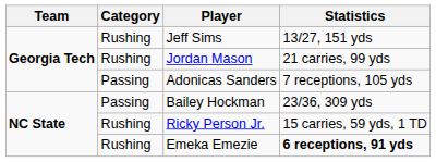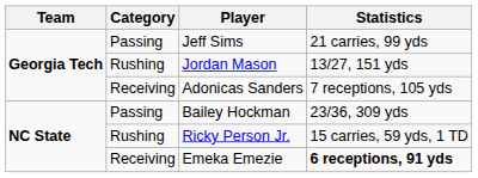 <table class="wikitable" style="float: right;">
 <tr>
 <th>Team</th>
 <th>Category</th>
 <th>Player</th>
 <th>Statistics</th>
 </tr>
 <tr>
 <td rowspan=3><strong>Georgia Tech</strong></td>
-<td>Rushing</td>
+<td>Passing</td>
 <td>Jeff Sims</td>
-<td>13/27, 151 yds</td>
+<td>21 carries, 99 yds</td>
 </tr>
 <tr>
 <td>Rushing</td>
 <td><a href='#'>Jordan Mason</a></td>
-<td>21 carries, 99 yds</td>
+<td>13/27, 151 yds</td>
 </tr>
 <tr>
-<td>Passing</td>
+<td>Receiving</td>
 <td>Adonicas Sanders</td>
 <td>7 receptions, 105 yds</td>
 </tr>
 <tr>
 <td rowspan=3><strong>NC State</strong></td>
 <td>Passing</td>
 <td>Bailey Hockman</td>
 <td>23/36, 309 yds</td>
 </tr>
 <tr>
 <td>Rushing</td>
 <td><a href='#'>Ricky Person Jr.</a></td>
 <td>15 carries, 59 yds, 1 TD</td>
 </tr>
 <tr>
-<td>Rushing</td>
+<td>Receiving</td>
 <td>Emeka Emezie</td>
 <td><strong>6 receptions, 91 yds</strong></td>
 </tr>
 </table>
